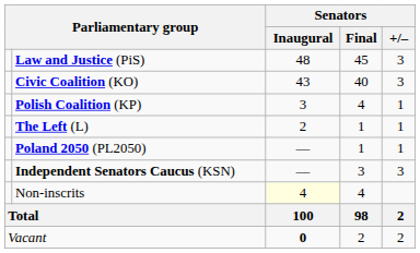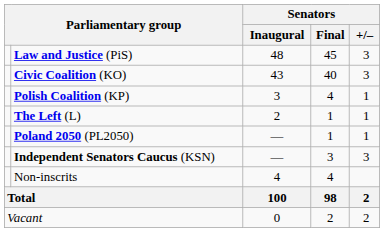 <table class="wikitable" style="text-align: center" width=470px>
 <tr>
 <th colspan="2" rowspan="2">Parliamentary group</th>
 <th colspan="3">Senators</th>
 </tr>
 <tr>
 <th>Inaugural</th>
 <th>Final</th>
 <th width=8%>+/–</th>
 </tr>
 <tr>
 <td></td>
 <td style="text-align:left;"><strong><a href='#'>Law and Justice</a></strong> (PiS)<br></td>
 <td>48</td>
 <td>45</td>
 <td> 3</td>
 </tr>
 <tr>
 <td></td>
 <td style="text-align:left;"><strong><a href='#'>Civic Coalition</a></strong> (KO)<br></td>
 <td>43</td>
 <td>40</td>
 <td> 3</td>
 </tr>
 <tr>
 <td></td>
 <td style="text-align:left;"><strong><a href='#'>Polish Coalition</a></strong> (KP)<br></td>
 <td>3</td>
 <td>4</td>
 <td> 1</td>
 </tr>
 <tr>
 <td></td>
 <td style="text-align:left;"><strong><a href='#'>The Left</a></strong> (L)<br></td>
 <td>2</td>
 <td>1</td>
 <td> 1</td>
 </tr>
 <tr>
 <td></td>
 <td style="text-align:left;"><strong><a href='#'>Poland 2050</a></strong> (PL2050)<br></td>
 <td>—</td>
 <td>1</td>
 <td> 1</td>
 </tr>
 <tr>
 <td></td>
 <td style="text-align:left;"><strong>Independent Senators Caucus</strong> (KSN)<br></td>
 <td>—</td>
 <td>3</td>
 <td> 3</td>
 </tr>
 <tr>
 <td></td>
 <td style="text-align:left;">Non-inscrits</td>
-<td style="background: lightyellow;">4</td>
+<td>4</td>
 <td>4</td>
 <td></td>
 </tr>
 <tr>
 <th colspan="2" style="text-align:left;">Total</th>
 <th>100</th>
 <th>98</th>
 <th> 2</th>
 </tr>
 <tr>
 <td colspan="2" style="text-align:left;"><em>Vacant</em></td>
-<td><strong>0</strong></td>
+<td>0</td>
 <td>2</td>
 <td> 2</td>
 </tr>
 </table>
